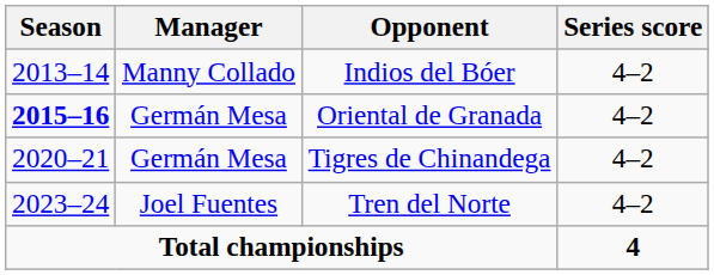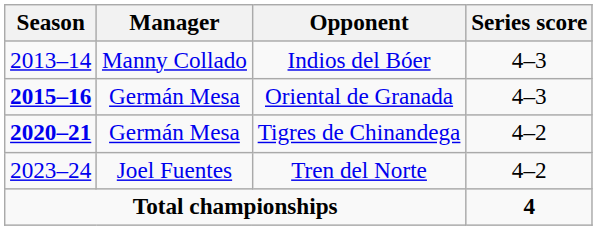 <table class="wikitable plainrowheaders sortable" style="text-align:center;">
 <tr>
 <th scope="col">Season</th>
 <th scope="col">Manager</th>
 <th scope="col">Opponent</th>
 <th scope="col">Series score</th>
 </tr>
 <tr>
 <td><a href='#'>2013–14</a></td>
 <td><a href='#'>Manny Collado</a></td>
 <td><a href='#'>Indios del Bóer</a></td>
-<td>4–2</td>
+<td>4–3</td>
 </tr>
 <tr>
 <td><strong><a href='#'>2015–16</a></strong></td>
 <td><a href='#'>Germán Mesa</a></td>
 <td><a href='#'>Oriental de Granada</a></td>
-<td>4–2</td>
+<td>4–3</td>
 </tr>
 <tr>
-<td><a href='#'>2020–21</a></td>
+<td><strong><a href='#'>2020–21</a></strong></td>
 <td><a href='#'>Germán Mesa</a></td>
 <td><a href='#'>Tigres de Chinandega</a></td>
 <td>4–2</td>
 </tr>
 <tr>
 <td><a href='#'>2023–24</a></td>
 <td><a href='#'>Joel Fuentes</a></td>
 <td><a href='#'>Tren del Norte</a></td>
 <td>4–2</td>
 </tr>
 <tr style="text-align:center; ">
 <td colspan="3"><strong>Total championships</strong></td>
 <td colspan="2"><strong>4</strong></td>
 </tr>
 </table>
